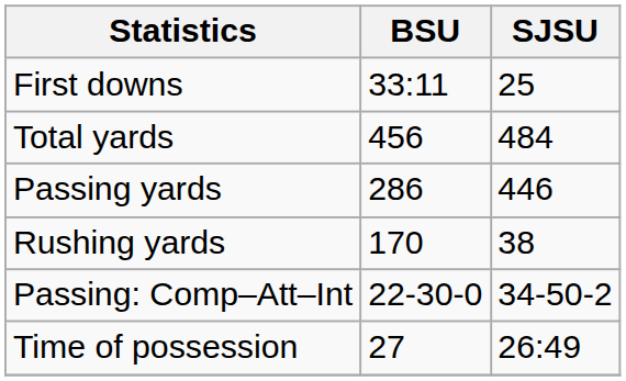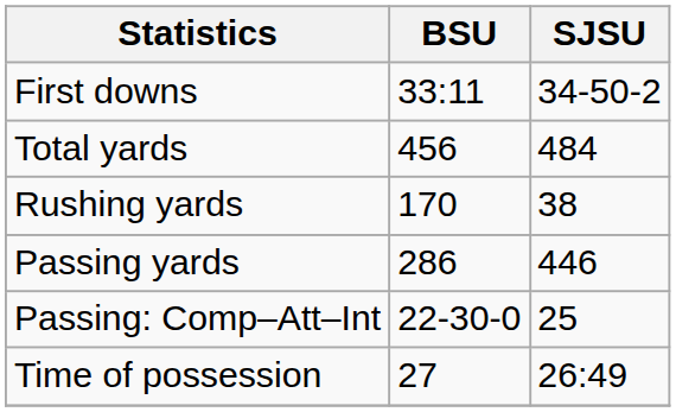 <table class="wikitable" style="float: left;">
 <tr>
 <th>Statistics</th>
 <th>BSU</th>
 <th>SJSU</th>
 </tr>
 <tr>
 <td>First downs</td>
 <td>33:11</td>
-<td>25</td>
+<td>34-50-2</td>
 </tr>
 <tr>
 <td>Total yards</td>
 <td>456</td>
 <td>484</td>
 </tr>
 <tr>
+<td>Rushing yards</td>
+<td>170</td>
+<td>38</td>
+</tr>
+<tr>
 <td>Passing yards</td>
 <td>286</td>
 <td>446</td>
 </tr>
 <tr>
-<td>Rushing yards</td>
-<td>170</td>
-<td>38</td>
-</tr>
-<tr>
 <td>Passing: Comp–Att–Int</td>
 <td>22-30-0</td>
-<td>34-50-2</td>
+<td>25</td>
 </tr>
 <tr>
 <td>Time of possession</td>
 <td>27</td>
 <td>26:49</td>
 </tr>
 <tr>
 </tr>
 </table>
